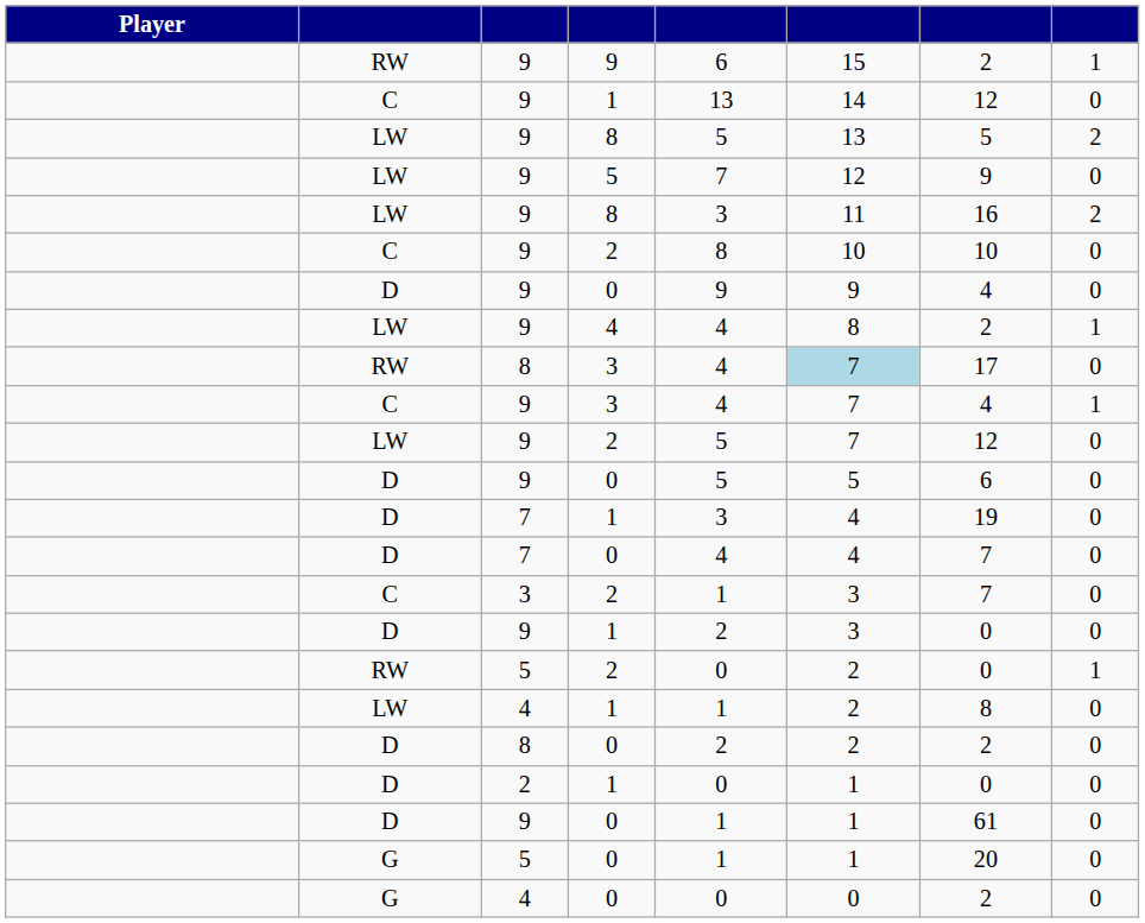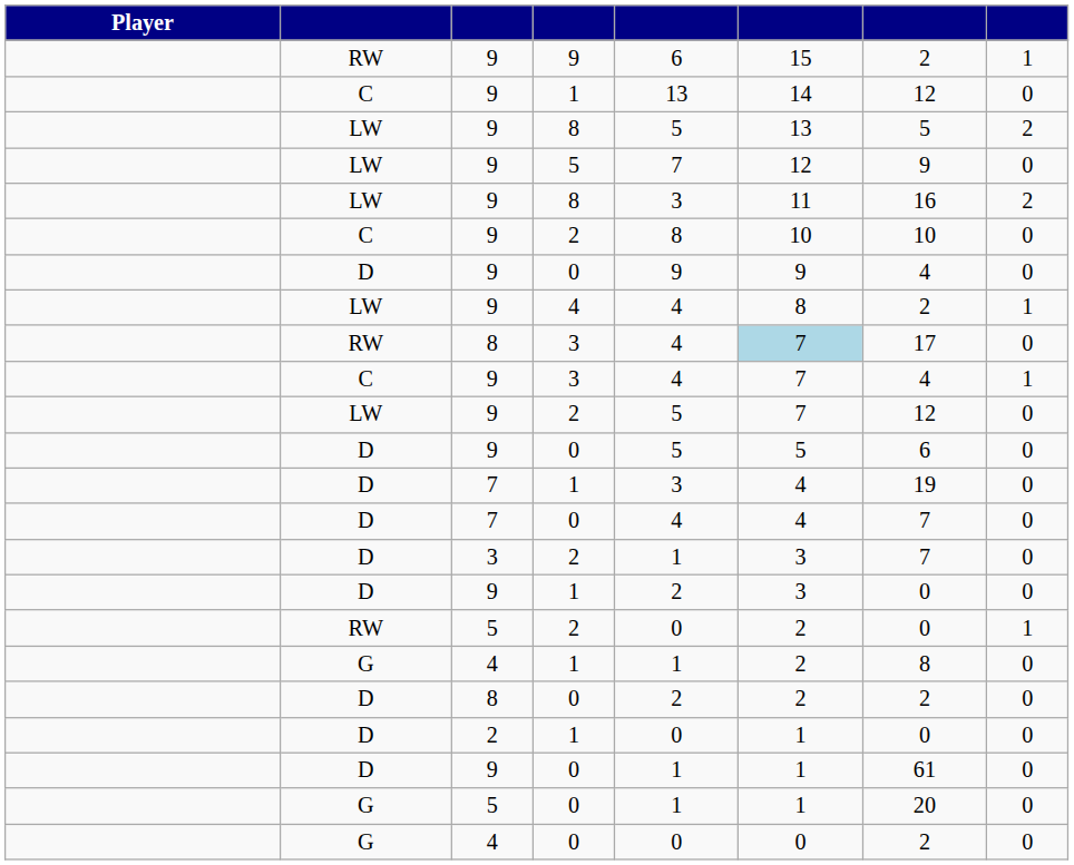 <table style="width:60%;" class="wikitable sortable">
 <tr align=center>
 <th style="color:white; background:#000084; ">Player</th>
 <th style="color:white; background:#000084; "></th>
 <th style="color:white; background:#000084; "></th>
 <th style="color:white; background:#000084; "></th>
 <th style="color:white; background:#000084; "></th>
 <th style="color:white; background:#000084; "></th>
 <th style="color:white; background:#000084; "></th>
 <th style="color:white; background:#000084; "></th>
 </tr>
 <tr>
 </tr>
 <tr style="text-align:center;">
 <td align="right"></td>
 <td>RW</td>
 <td>9</td>
 <td>9</td>
 <td>6</td>
 <td>15</td>
 <td>2</td>
 <td>1</td>
 </tr>
 <tr align="center">
 <td align="right"></td>
 <td>C</td>
 <td>9</td>
 <td>1</td>
 <td>13</td>
 <td>14</td>
 <td>12</td>
 <td>0</td>
 </tr>
 <tr align="center">
 <td align="right"></td>
 <td>LW</td>
 <td>9</td>
 <td>8</td>
 <td>5</td>
 <td>13</td>
 <td>5</td>
 <td>2</td>
 </tr>
 <tr align="center">
 <td align="right"></td>
 <td>LW</td>
 <td>9</td>
 <td>5</td>
 <td>7</td>
 <td>12</td>
 <td>9</td>
 <td>0</td>
 </tr>
 <tr align="center">
 <td align="right"></td>
 <td>LW</td>
 <td>9</td>
 <td>8</td>
 <td>3</td>
 <td>11</td>
 <td>16</td>
 <td>2</td>
 </tr>
 <tr align="center">
 <td align="right"></td>
 <td>C</td>
 <td>9</td>
 <td>2</td>
 <td>8</td>
 <td>10</td>
 <td>10</td>
 <td>0</td>
 </tr>
 <tr align="center">
 <td align="right"></td>
 <td>D</td>
 <td>9</td>
 <td>0</td>
 <td>9</td>
 <td>9</td>
 <td>4</td>
 <td>0</td>
 </tr>
 <tr align="center">
 <td align="right"></td>
 <td>LW</td>
 <td>9</td>
 <td>4</td>
 <td>4</td>
 <td>8</td>
 <td>2</td>
 <td>1</td>
 </tr>
 <tr align="center">
 <td align="right"></td>
 <td>RW</td>
 <td>8</td>
 <td>3</td>
 <td>4</td>
 <td style="background: lightblue;">7</td>
 <td>17</td>
 <td>0</td>
 </tr>
 <tr align="center">
 <td align="right"></td>
 <td>C</td>
 <td>9</td>
 <td>3</td>
 <td>4</td>
 <td>7</td>
 <td>4</td>
 <td>1</td>
 </tr>
 <tr align="center">
 <td align="right"></td>
 <td>LW</td>
 <td>9</td>
 <td>2</td>
 <td>5</td>
 <td>7</td>
 <td>12</td>
 <td>0</td>
 </tr>
 <tr align="center">
 <td align="right"></td>
 <td>D</td>
 <td>9</td>
 <td>0</td>
 <td>5</td>
 <td>5</td>
 <td>6</td>
 <td>0</td>
 </tr>
 <tr align="center">
 <td align="right"></td>
 <td>D</td>
 <td>7</td>
 <td>1</td>
 <td>3</td>
 <td>4</td>
 <td>19</td>
 <td>0</td>
 </tr>
 <tr align="center">
 <td align="right"></td>
 <td>D</td>
 <td>7</td>
 <td>0</td>
 <td>4</td>
 <td>4</td>
 <td>7</td>
 <td>0</td>
 </tr>
 <tr align="center">
 <td align="right"></td>
-<td>C</td>
+<td>D</td>
 <td>3</td>
 <td>2</td>
 <td>1</td>
 <td>3</td>
 <td>7</td>
 <td>0</td>
 </tr>
 <tr align="center">
 <td align="right"></td>
 <td>D</td>
 <td>9</td>
 <td>1</td>
 <td>2</td>
 <td>3</td>
 <td>0</td>
 <td>0</td>
 </tr>
 <tr align="center">
 <td align="right"></td>
 <td>RW</td>
 <td>5</td>
 <td>2</td>
 <td>0</td>
 <td>2</td>
 <td>0</td>
 <td>1</td>
 </tr>
 <tr align="center">
 <td align="right"></td>
-<td>LW</td>
+<td>G</td>
 <td>4</td>
 <td>1</td>
 <td>1</td>
 <td>2</td>
 <td>8</td>
 <td>0</td>
 </tr>
 <tr align="center">
 <td align="right"></td>
 <td>D</td>
 <td>8</td>
 <td>0</td>
 <td>2</td>
 <td>2</td>
 <td>2</td>
 <td>0</td>
 </tr>
 <tr align="center">
 <td align="right"></td>
 <td>D</td>
 <td>2</td>
 <td>1</td>
 <td>0</td>
 <td>1</td>
 <td>0</td>
 <td>0</td>
 </tr>
 <tr align="center">
 <td align="right"></td>
 <td>D</td>
 <td>9</td>
 <td>0</td>
 <td>1</td>
 <td>1</td>
 <td>61</td>
 <td>0</td>
 </tr>
 <tr align="center">
 <td align="right"></td>
 <td>G</td>
 <td>5</td>
 <td>0</td>
 <td>1</td>
 <td>1</td>
 <td>20</td>
 <td>0</td>
 </tr>
 <tr align="center">
 <td align="right"></td>
 <td>G</td>
 <td>4</td>
 <td>0</td>
 <td>0</td>
 <td>0</td>
 <td>2</td>
 <td>0</td>
 </tr>
 </table>
